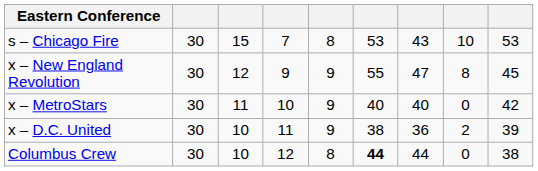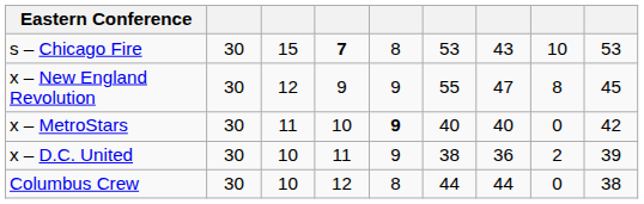 <table class="wikitable" style="text-align: center;">
 <tr>
 <th width="170">Eastern Conference</th>
 <th width="40"></th>
 <th width="40"></th>
 <th width="40"></th>
 <th width="40"></th>
 <th width="40"></th>
 <th width="40"></th>
 <th width="40"></th>
 <th width="40"></th>
 </tr>
 <tr>
 <td align=left>s – <a href='#'>Chicago Fire</a></td>
 <td>30</td>
 <td>15</td>
-<td>7</td>
+<td><strong>7</strong></td>
 <td>8</td>
 <td>53</td>
 <td>43</td>
 <td>10</td>
 <td>53</td>
 </tr>
 <tr>
 <td align=left>x – <a href='#'>New England Revolution</a></td>
 <td>30</td>
 <td>12</td>
 <td>9</td>
 <td>9</td>
 <td>55</td>
 <td>47</td>
 <td>8</td>
 <td>45</td>
 </tr>
 <tr>
 <td align=left>x – <a href='#'>MetroStars</a></td>
 <td>30</td>
 <td>11</td>
 <td>10</td>
-<td>9</td>
+<td><strong>9</strong></td>
 <td>40</td>
 <td>40</td>
 <td>0</td>
 <td>42</td>
 </tr>
 <tr>
 <td align=left>x – <a href='#'>D.C. United</a></td>
 <td>30</td>
 <td>10</td>
 <td>11</td>
 <td>9</td>
 <td>38</td>
 <td>36</td>
 <td>2</td>
 <td>39</td>
 </tr>
 <tr>
 <td align=left><a href='#'>Columbus Crew</a></td>
 <td>30</td>
 <td>10</td>
 <td>12</td>
 <td>8</td>
-<td><strong>44</strong></td>
+<td>44</td>
 <td>44</td>
 <td>0</td>
 <td>38</td>
 </tr>
 </table>
